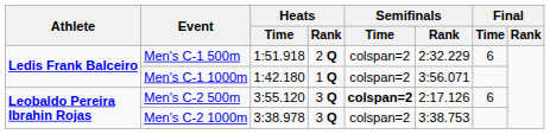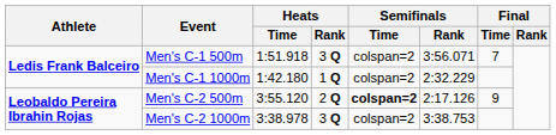 <table class="wikitable" style="font-size:90%">
 <tr>
 <th rowspan=2>Athlete</th>
 <th rowspan=2>Event</th>
 <th colspan=2>Heats</th>
 <th colspan=2>Semifinals</th>
 <th colspan=2>Final</th>
 </tr>
 <tr style="font-size:95%">
 <th>Time</th>
 <th>Rank</th>
 <th>Time</th>
 <th>Rank</th>
 <th>Time</th>
 <th>Rank</th>
 </tr>
 <tr align=center>
 <td rowspan=2 align=left><strong><a href='#'>Ledis Frank Balceiro</a></strong></td>
 <td align=left><a href='#'>Men's C-1 500m</a></td>
 <td>1:51.918</td>
-<td>2 <strong>Q</strong></td>
+<td>3 <strong>Q</strong></td>
 <td>colspan=2 </td>
-<td>2:32.229</td>
-<td>6</td>
+<td>3:56.071</td>
+<td>7</td>
 </tr>
 <tr align=center>
 <td align=left><a href='#'>Men's C-1 1000m</a></td>
 <td>1:42.180</td>
 <td>1 <strong>Q</strong></td>
 <td>colspan=2 </td>
-<td>3:56.071</td>
+<td>2:32.229</td>
 <td></td>
 </tr>
 <tr align=center>
 <td rowspan=2 align=left><strong><a href='#'>Leobaldo Pereira</a><br> <a href='#'>Ibrahin Rojas</a></strong></td>
 <td align=left><a href='#'>Men's C-2 500m</a></td>
 <td>3:55.120</td>
-<td>3 <strong>Q</strong></td>
+<td>2 <strong>Q</strong></td>
 <td><strong>colspan=2 </strong></td>
 <td>2:17.126</td>
-<td>6</td>
+<td>9</td>
 </tr>
 <tr align=center>
 <td align=left><a href='#'>Men's C-2 1000m</a></td>
 <td>3:38.978</td>
 <td>3 <strong>Q</strong></td>
 <td>colspan=2 </td>
 <td>3:38.753</td>
 <td></td>
 </tr>
 </table>
